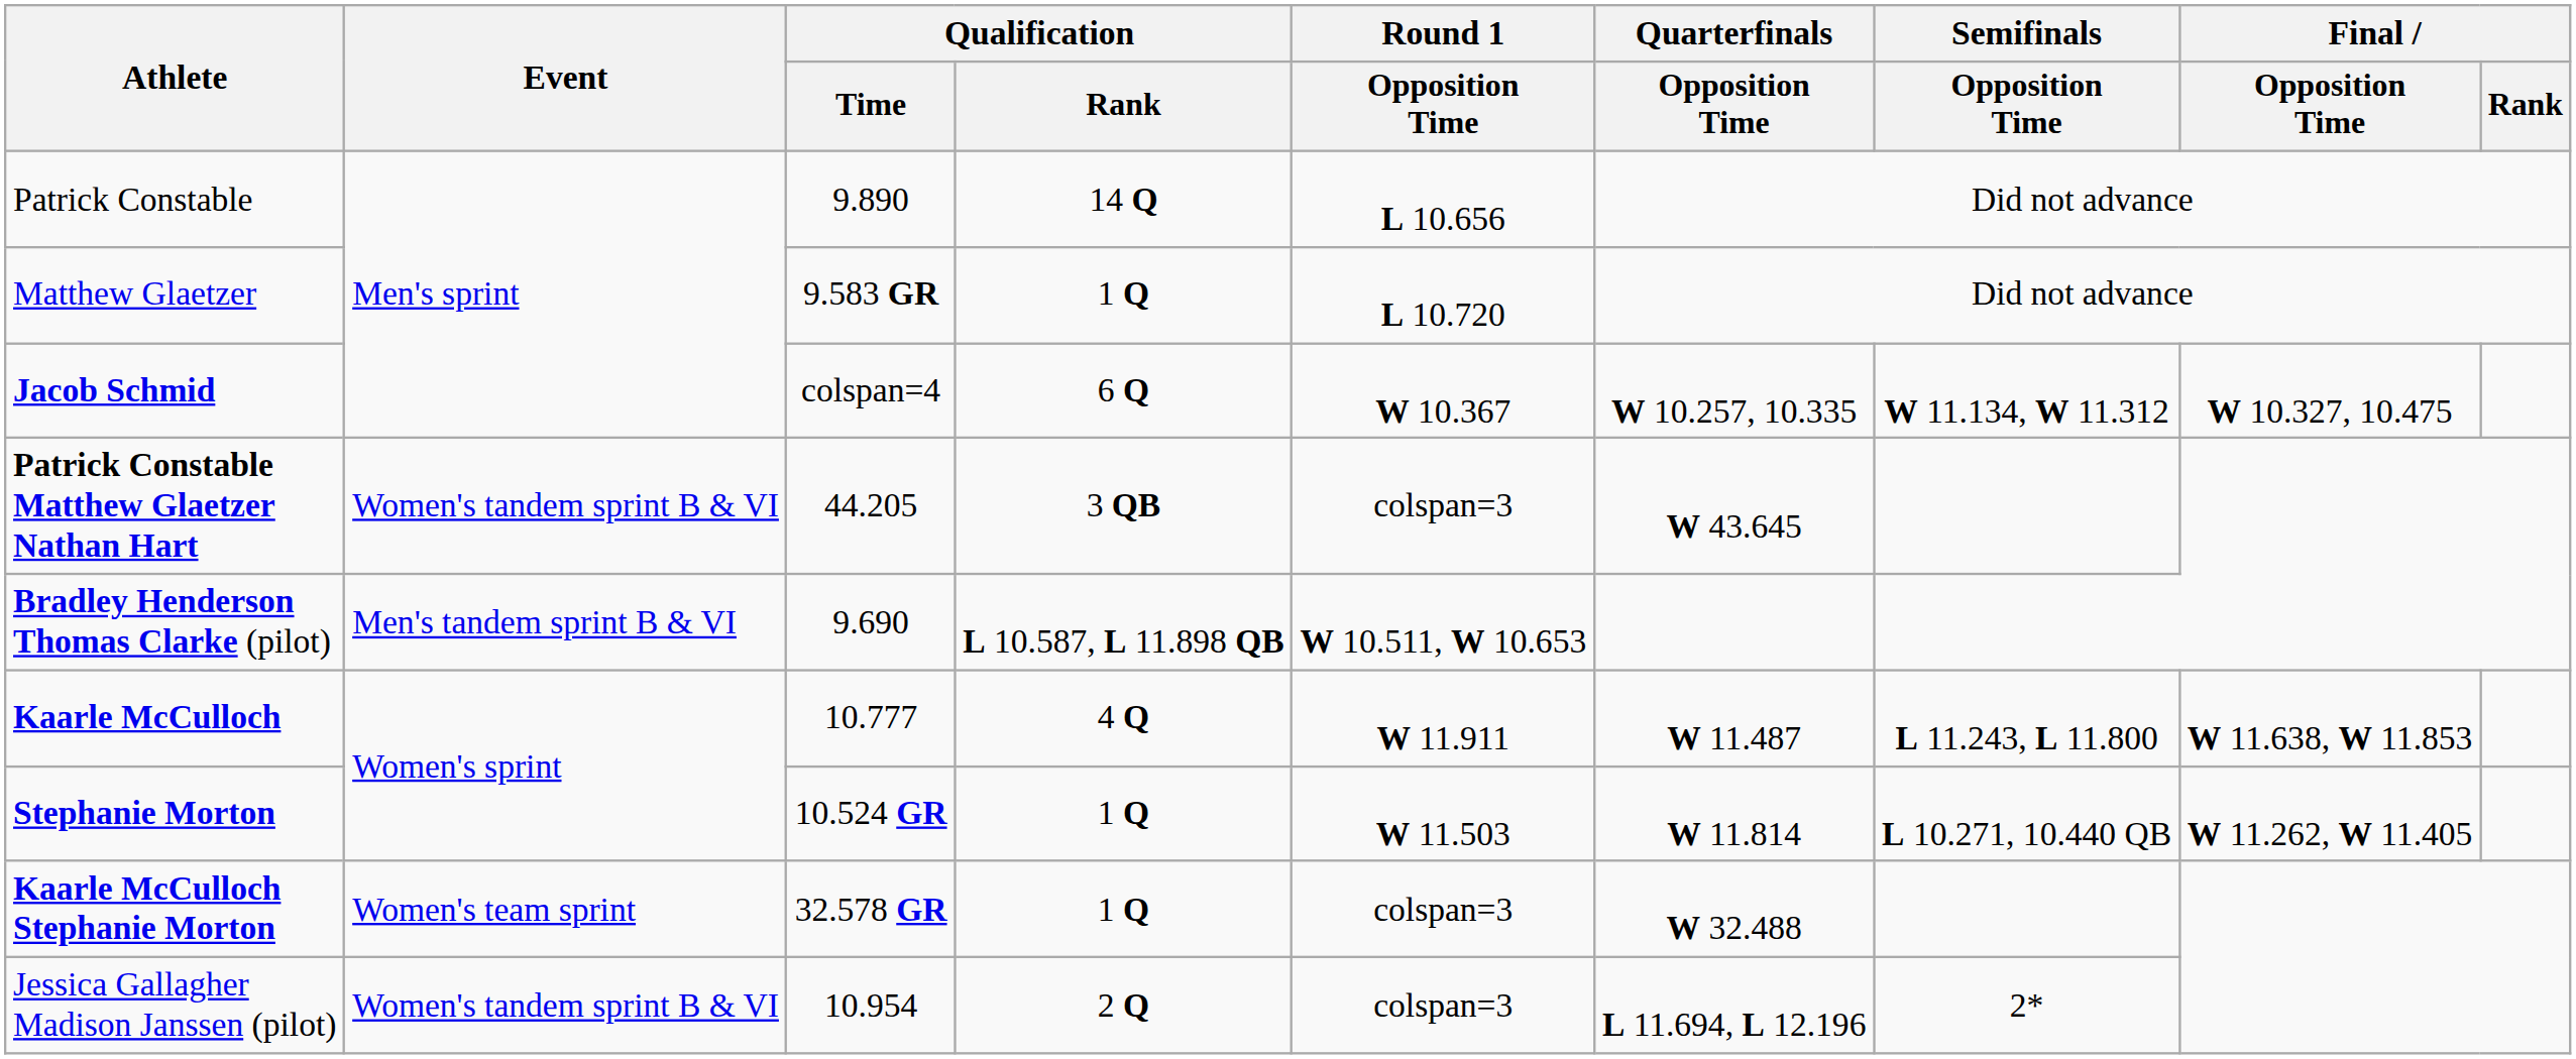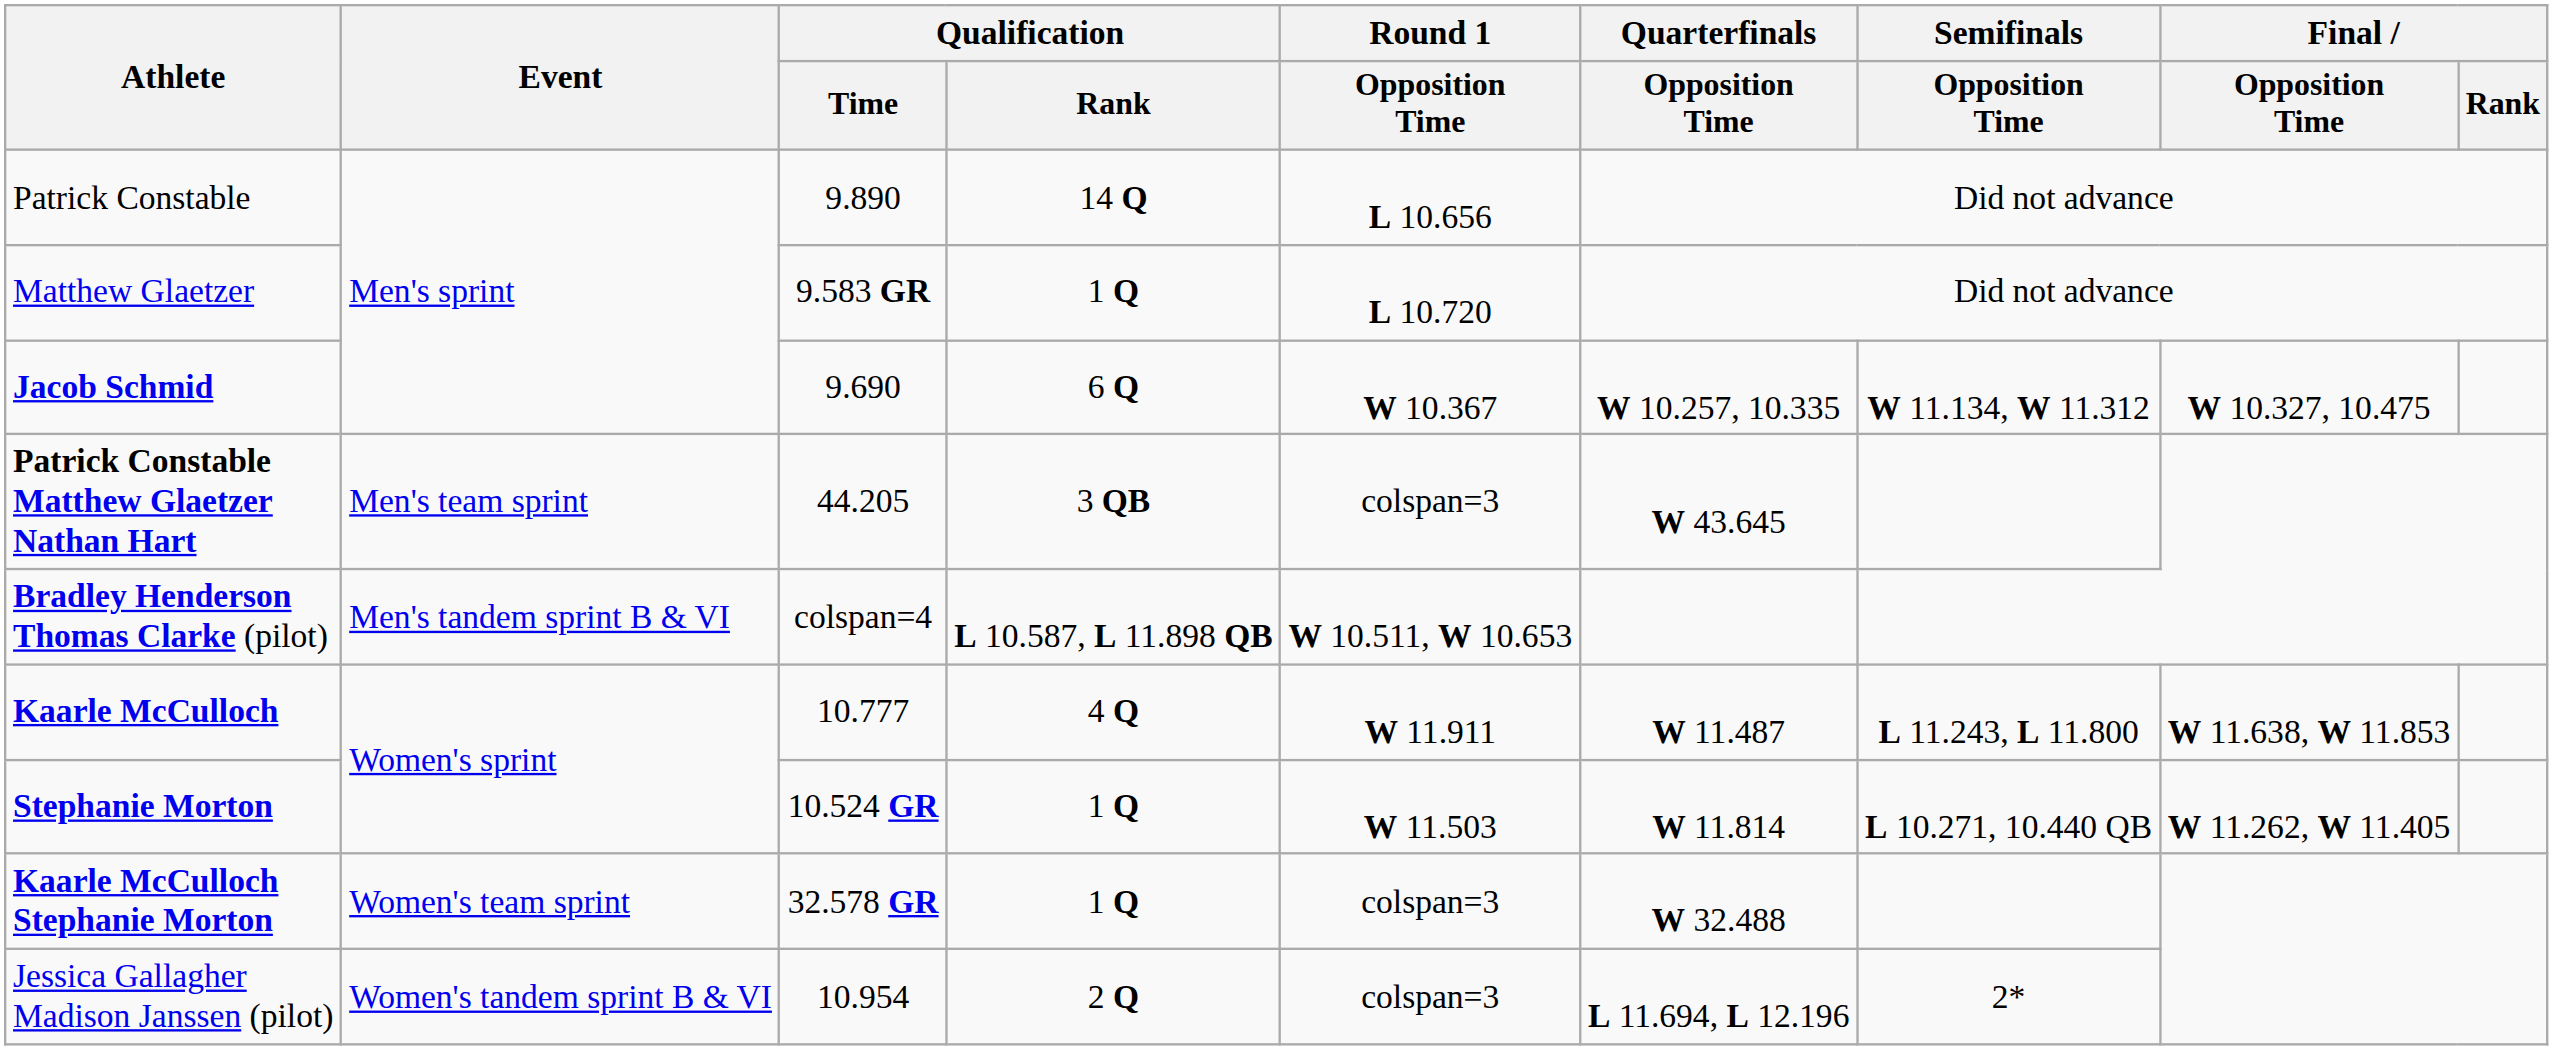 <table class=wikitable style="font-size:90%;text-align:center">
 <tr>
 <th rowspan=2>Athlete</th>
 <th rowspan=2>Event</th>
 <th colspan=2>Qualification</th>
 <th>Round 1</th>
 <th>Quarterfinals</th>
 <th>Semifinals</th>
 <th colspan=2>Final / </th>
 </tr>
 <tr style=font-size:95%>
 <th>Time</th>
 <th>Rank</th>
 <th>Opposition<br>Time</th>
 <th>Opposition<br>Time</th>
 <th>Opposition<br>Time</th>
 <th>Opposition<br>Time</th>
 <th>Rank</th>
 </tr>
 <tr>
 <td align=left>Patrick Constable</td>
 <td align=left rowspan=3><a href='#'>Men's sprint</a></td>
 <td>9.890</td>
 <td>14 <strong>Q</strong></td>
 <td><br><strong>L</strong> 10.656</td>
 <td colspan=4>Did not advance</td>
 </tr>
 <tr>
 <td align=left><a href='#'>Matthew Glaetzer</a></td>
 <td>9.583 <strong>GR</strong></td>
 <td>1 <strong>Q</strong></td>
 <td><br><strong>L</strong> 10.720</td>
 <td colspan=4>Did not advance</td>
 </tr>
 <tr>
 <td align=left><strong><a href='#'>Jacob Schmid</a></strong></td>
-<td>colspan=4 </td>
+<td>9.690</td>
 <td>6 <strong>Q</strong></td>
 <td><br><strong>W</strong> 10.367</td>
 <td><br><strong>W</strong> 10.257, 10.335</td>
 <td><br><strong>W</strong> 11.134, <strong>W</strong> 11.312</td>
 <td><br><strong>W</strong> 10.327, 10.475</td>
 <td></td>
 </tr>
 <tr>
 <td align=left><strong>Patrick Constable<br><a href='#'>Matthew Glaetzer</a><br><a href='#'>Nathan Hart</a></strong></td>
-<td align=left><a href='#'>Women's tandem sprint B & VI</a></td>
+<td align=left><a href='#'>Men's team sprint</a></td>
 <td>44.205</td>
 <td>3 <strong>QB</strong></td>
 <td>colspan=3 </td>
 <td><br><strong>W</strong> 43.645</td>
 <td></td>
 </tr>
 <tr>
 <td align=left><strong><a href='#'>Bradley Henderson</a><br><a href='#'>Thomas Clarke</a></strong> (pilot)</td>
 <td align=left><a href='#'>Men's tandem sprint B & VI</a></td>
-<td>9.690</td>
+<td>colspan=4 </td>
 <td><br> <strong>L</strong> 10.587, <strong>L</strong> 11.898 <strong>QB</strong></td>
 <td><br> <strong>W</strong> 10.511, <strong>W</strong> 10.653</td>
 <td></td>
 </tr>
 <tr>
 <td align=left><strong><a href='#'>Kaarle McCulloch</a></strong></td>
 <td align=left rowspan=2><a href='#'>Women's sprint</a></td>
 <td>10.777</td>
 <td>4 <strong>Q</strong></td>
 <td><br><strong>W</strong> 11.911</td>
 <td><br><strong>W</strong> 11.487</td>
 <td><br><strong>L</strong> 11.243, <strong>L</strong> 11.800</td>
 <td><br><strong>W</strong> 11.638, <strong>W</strong> 11.853</td>
 <td></td>
 </tr>
 <tr>
 <td align=left><strong><a href='#'>Stephanie Morton</a></strong></td>
 <td>10.524 <a href='#'><strong>GR</strong></a></td>
 <td>1 <strong>Q</strong></td>
 <td><br><strong>W</strong> 11.503</td>
 <td><br><strong>W</strong> 11.814</td>
 <td><br><strong>L</strong> 10.271, 10.440 QB</td>
 <td><br><strong>W</strong> 11.262, <strong>W</strong> 11.405</td>
 <td></td>
 </tr>
 <tr>
 <td align=left><strong><a href='#'>Kaarle McCulloch</a><br><a href='#'>Stephanie Morton</a></strong></td>
 <td align=left><a href='#'>Women's team sprint</a></td>
 <td>32.578 <a href='#'><strong>GR</strong></a></td>
 <td>1 <strong>Q</strong></td>
 <td>colspan=3 </td>
 <td><br><strong>W</strong> 32.488</td>
 <td></td>
 </tr>
 <tr>
 <td align=left><a href='#'>Jessica Gallagher</a><br><a href='#'>Madison Janssen</a> (pilot)</td>
 <td align=left><a href='#'>Women's tandem sprint B & VI</a></td>
 <td>10.954</td>
 <td>2 <strong>Q</strong></td>
 <td>colspan=3 </td>
 <td><br><strong>L</strong> 11.694, <strong>L</strong> 12.196</td>
 <td>2*</td>
 </tr>
 </table>
